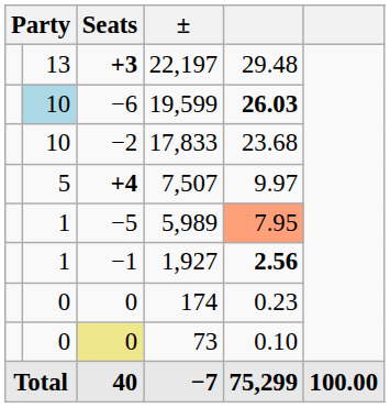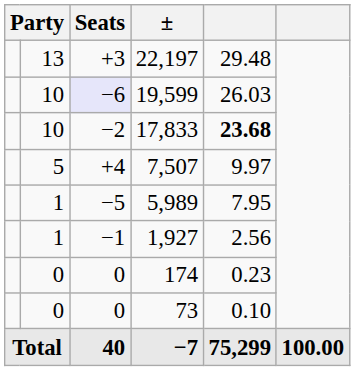 <table class=wikitable>
 <tr>
 <th colspan=2 align=center>Party</th>
 <th>Seats</th>
 <th>±</th>
 <th></th>
 <th></th>
 </tr>
 <tr>
 <td></td>
 <td align=right>13</td>
-<td align=right><strong>+3</strong></td>
+<td align=right>+3</td>
 <td align=right>22,197</td>
 <td align=right>29.48</td>
 </tr>
 <tr>
 <td></td>
-<td align=right style="background: lightblue;">10</td>
-<td align=right>−6</td>
+<td align=right>10</td>
+<td align=right style="background: lavender;">−6</td>
 <td align=right>19,599</td>
-<td align=right><strong>26.03</strong></td>
+<td align=right>26.03</td>
 </tr>
 <tr>
 <td></td>
 <td align=right>10</td>
 <td align=right>−2</td>
 <td align=right>17,833</td>
-<td align=right>23.68</td>
+<td align=right><strong>23.68</strong></td>
 </tr>
 <tr>
 <td></td>
 <td align=right>5</td>
-<td align=right><strong>+4</strong></td>
+<td align=right>+4</td>
 <td align=right>7,507</td>
 <td align=right>9.97</td>
 </tr>
 <tr>
 <td></td>
 <td align=right>1</td>
 <td align=right>−5</td>
 <td align=right>5,989</td>
-<td align=right style="background: lightsalmon;">7.95</td>
+<td align=right>7.95</td>
 </tr>
 <tr>
 <td></td>
 <td align=right>1</td>
 <td align=right>−1</td>
 <td align=right>1,927</td>
-<td align=right><strong>2.56</strong></td>
+<td align=right>2.56</td>
 </tr>
 <tr>
 <td></td>
 <td align=right>0</td>
 <td align=right>0</td>
 <td align=right>174</td>
 <td align=right>0.23</td>
 </tr>
 <tr>
 <td></td>
 <td align=right>0</td>
-<td align=right style="background: khaki;">0</td>
+<td align=right>0</td>
 <td align=right>73</td>
 <td align=right>0.10</td>
 </tr>
 <tr style="font-weight:bold; background:rgb(232,232,232);">
 <td colspan=2 align=center>Total</td>
 <td align=right>40</td>
 <td align=right>−7</td>
 <td align=right>75,299</td>
 <td align=center>100.00</td>
 </tr>
 </table>
